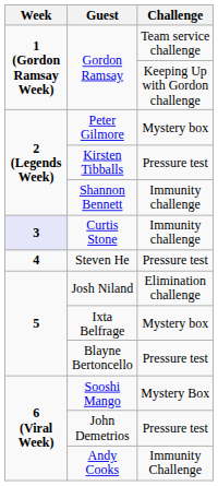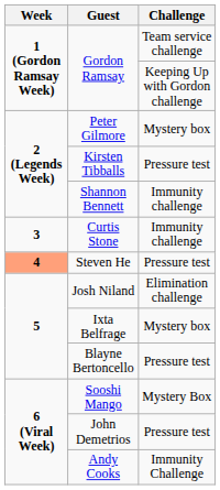 <table class="wikitable" style="text-align:center; width:35%; font-size:85%; line-height:15px">
 <tr>
 <th>Week</th>
 <th>Guest</th>
 <th>Challenge</th>
 </tr>
 <tr>
 <td rowspan="2"><strong>1<br>(Gordon Ramsay Week)</strong></td>
 <td rowspan=2><a href='#'>Gordon Ramsay</a></td>
 <td>Team service challenge</td>
 </tr>
 <tr>
 <td>Keeping Up with Gordon challenge</td>
 </tr>
 <tr>
 <td rowspan="3"><strong>2<br>(Legends Week)</strong></td>
 <td><a href='#'>Peter Gilmore</a></td>
 <td>Mystery box</td>
 </tr>
 <tr>
 <td><a href='#'>Kirsten Tibballs</a></td>
 <td>Pressure test</td>
 </tr>
 <tr>
 <td><a href='#'>Shannon Bennett</a></td>
 <td>Immunity challenge</td>
 </tr>
 <tr>
-<td style="background: lavender;"><strong>3</strong></td>
+<td><strong>3</strong></td>
 <td><a href='#'>Curtis Stone</a></td>
 <td>Immunity challenge</td>
 </tr>
 <tr>
-<td><strong>4</strong></td>
+<td style="background: lightsalmon;"><strong>4</strong></td>
 <td>Steven He</td>
 <td>Pressure test</td>
 </tr>
 <tr>
 <td rowspan="3"><strong>5</strong></td>
 <td>Josh Niland</td>
 <td>Elimination challenge</td>
 </tr>
 <tr>
 <td>Ixta Belfrage</td>
 <td>Mystery box</td>
 </tr>
 <tr>
 <td>Blayne Bertoncello</td>
 <td>Pressure test</td>
 </tr>
 <tr>
 <td rowspan="3"><strong>6<br>(Viral Week)</strong></td>
 <td><a href='#'>Sooshi Mango</a></td>
 <td>Mystery Box</td>
 </tr>
 <tr>
 <td>John Demetrios</td>
 <td>Pressure test</td>
 </tr>
 <tr>
 <td><a href='#'> Andy Cooks</a></td>
 <td>Immunity Challenge</td>
 </tr>
 </table>
